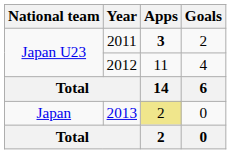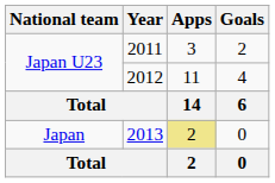 <table class="wikitable" style="text-align:center">
 <tr>
 <th>National team</th>
 <th>Year</th>
 <th>Apps</th>
 <th>Goals</th>
 </tr>
 <tr>
 <td rowspan="2"><a href='#'>Japan U23</a></td>
 <td>2011</td>
-<td><strong>3</strong></td>
+<td>3</td>
 <td>2</td>
 </tr>
 <tr>
 <td>2012</td>
 <td>11</td>
 <td>4</td>
 </tr>
 <tr>
 <th colspan="2">Total</th>
 <th>14</th>
 <th>6</th>
 </tr>
 <tr>
 <td><a href='#'>Japan</a></td>
 <td><a href='#'>2013</a></td>
 <td style="background: khaki;">2</td>
 <td>0</td>
 </tr>
 <tr>
 <th colspan="2">Total</th>
 <th>2</th>
 <th>0</th>
 </tr>
 </table>
